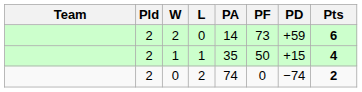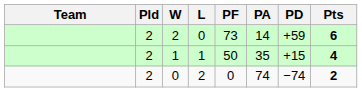 <table class="wikitable" style="text-align:center;">
 <tr>
 <th width="155">Team</th>
 <th width="25">Pld</th>
 <th width="25">W</th>
 <th width="25">L</th>
+<th width="32">PF</th>
 <th width="32">PA</th>
-<th width="32">PF</th>
 <th width="32">PD</th>
 <th width="50">Pts</th>
 </tr>
 <tr style="background:#ccffcc">
 <td align="left"></td>
 <td>2</td>
 <td>2</td>
 <td>0</td>
+<td>73</td>
 <td>14</td>
-<td>73</td>
 <td>+59</td>
 <td><strong>6</strong></td>
 </tr>
 <tr style="background:#ccffcc">
 <td align="left"></td>
 <td>2</td>
 <td>1</td>
 <td>1</td>
+<td>50</td>
 <td>35</td>
-<td>50</td>
 <td>+15</td>
 <td><strong>4</strong></td>
 </tr>
 <tr>
 <td align="left"></td>
 <td>2</td>
 <td>0</td>
 <td>2</td>
+<td>0</td>
 <td>74</td>
-<td>0</td>
 <td>−74</td>
 <td><strong>2</strong></td>
 </tr>
 </table>
